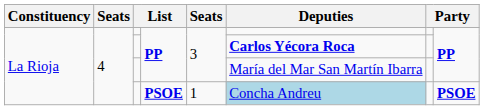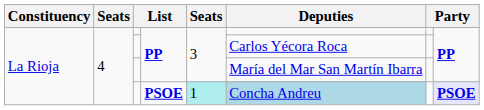 <table class="wikitable sortable">
 <tr>
 <th>Constituency</th>
 <th>Seats</th>
 <th colspan="2">List</th>
 <th>Seats</th>
 <th>Deputies</th>
 <th colspan="2">Party</th>
 </tr>
 <tr>
 <td rowspan="4"><a href='#'>La Rioja</a></td>
 <td rowspan="4">4</td>
 <td></td>
 <td rowspan="3"><strong><a href='#'>PP</a></strong></td>
 <td rowspan="3">3</td>
 <td></td>
 <td></td>
 <td rowspan="3"><strong><a href='#'>PP</a></strong></td>
 </tr>
 <tr>
 <td></td>
-<td><strong><a href='#'>Carlos Yécora Roca</a></strong></td>
+<td><a href='#'>Carlos Yécora Roca</a></td>
 <td></td>
 </tr>
 <tr>
 <td></td>
 <td><a href='#'>María del Mar San Martín Ibarra</a></td>
 <td></td>
 </tr>
 <tr>
 <td width="1"></td>
 <td><strong><a href='#'>PSOE</a></strong></td>
-<td>1</td>
+<td style="background: paleturquoise;">1</td>
 <td style="background: lightblue;"><a href='#'>Concha Andreu</a></td>
 <td width="1"></td>
-<td><strong><a href='#'>PSOE</a></strong></td>
+<td style="background: lavender;"><strong><a href='#'>PSOE</a></strong></td>
 </tr>
 </table>
